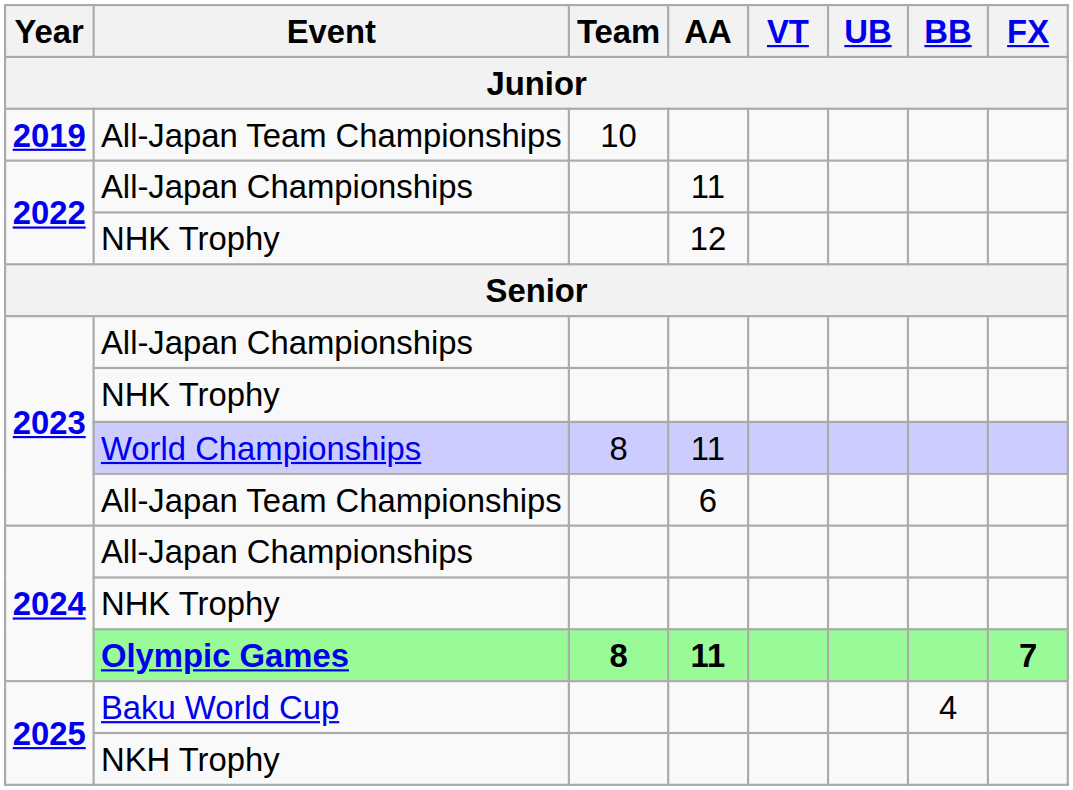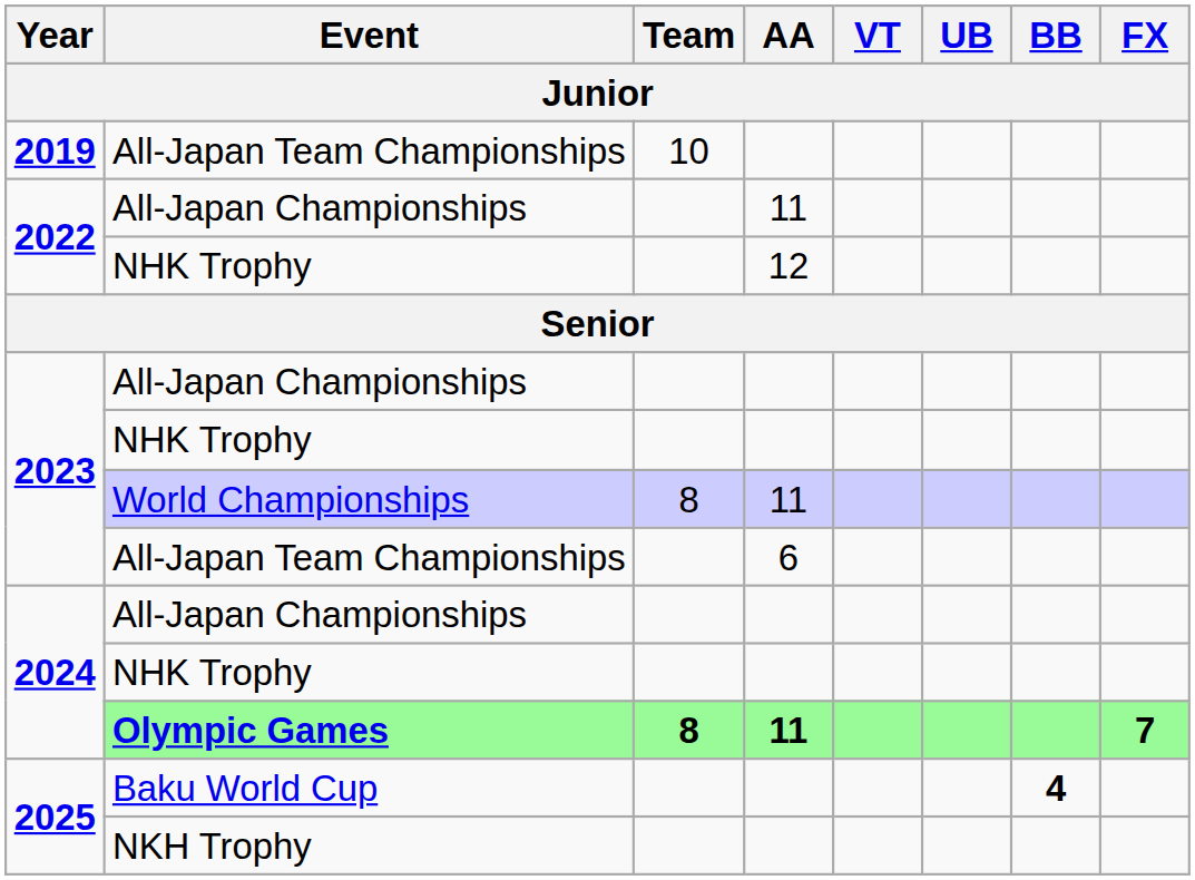 <table class="wikitable" style="text-align:center; font-size:95%;">
 <tr>
 <th align=center>Year</th>
 <th align=center>Event</th>
 <th style="width:30px;">Team</th>
 <th style="width:30px;">AA</th>
 <th style="width:30px;"><a href='#'>VT</a></th>
 <th style="width:30px;"><a href='#'>UB</a></th>
 <th style="width:30px;"><a href='#'>BB</a></th>
 <th style="width:30px;"><a href='#'>FX</a></th>
 </tr>
 <tr>
 <th colspan="8"><strong>Junior</strong></th>
 </tr>
 <tr>
 <td rowspan="1"><strong><a href='#'>2019</a></strong></td>
 <td align=left>All-Japan Team Championships</td>
 <td>10</td>
 <td></td>
 <td></td>
 <td></td>
 <td></td>
 <td></td>
 </tr>
 <tr>
 <td rowspan="2"><strong><a href='#'>2022</a></strong></td>
 <td align=left>All-Japan Championships</td>
 <td></td>
 <td>11</td>
 <td></td>
 <td></td>
 <td></td>
 <td></td>
 </tr>
 <tr>
 <td align=left>NHK Trophy</td>
 <td></td>
 <td>12</td>
 <td></td>
 <td></td>
 <td></td>
 <td></td>
 </tr>
 <tr>
 <th colspan="8"><strong>Senior</strong></th>
 </tr>
 <tr>
 <td rowspan="4"><strong><a href='#'>2023</a></strong></td>
 <td align=left>All-Japan Championships</td>
 <td></td>
 <td></td>
 <td></td>
 <td></td>
 <td></td>
 <td></td>
 </tr>
 <tr>
 <td align=left>NHK Trophy</td>
 <td></td>
 <td></td>
 <td></td>
 <td></td>
 <td></td>
 <td></td>
 </tr>
 <tr bgcolor=#CCCCFF>
 <td align=left><a href='#'>World Championships</a></td>
 <td>8</td>
 <td>11</td>
 <td></td>
 <td></td>
 <td></td>
 <td></td>
 </tr>
 <tr>
 <td align=left>All-Japan Team Championships</td>
 <td></td>
 <td>6</td>
 <td></td>
 <td></td>
 <td></td>
 <td></td>
 </tr>
 <tr>
 <td rowspan="3"><strong><a href='#'>2024</a></strong></td>
 <td align=left>All-Japan Championships</td>
 <td></td>
 <td></td>
 <td></td>
 <td></td>
 <td></td>
 <td></td>
 </tr>
 <tr>
 <td align=left>NHK Trophy</td>
 <td></td>
 <td></td>
 <td></td>
 <td></td>
 <td></td>
 <td></td>
 </tr>
 <tr bgcolor=98FB98>
 <td align=left><strong><a href='#'>Olympic Games</a></strong></td>
 <td><strong>8</strong></td>
 <td><strong>11</strong></td>
 <td></td>
 <td></td>
 <td></td>
 <td><strong>7</strong></td>
 </tr>
 <tr>
 <td rowspan="2"><strong><a href='#'>2025</a></strong></td>
 <td align=left><a href='#'>Baku World Cup</a></td>
 <td></td>
 <td></td>
 <td></td>
 <td></td>
-<td>4</td>
+<td><strong>4</strong></td>
 <td></td>
 </tr>
 <tr>
 <td align=left>NKH Trophy</td>
 <td></td>
 <td></td>
 <td></td>
 <td></td>
 <td></td>
 <td></td>
 </tr>
 </table>
